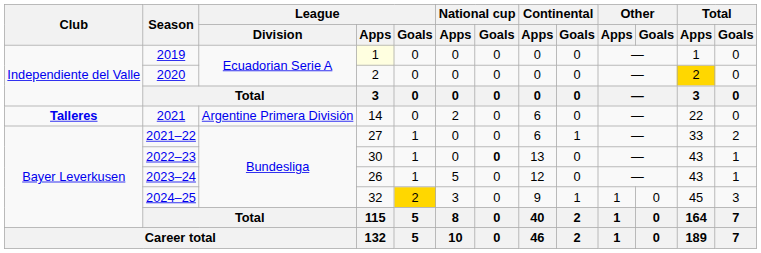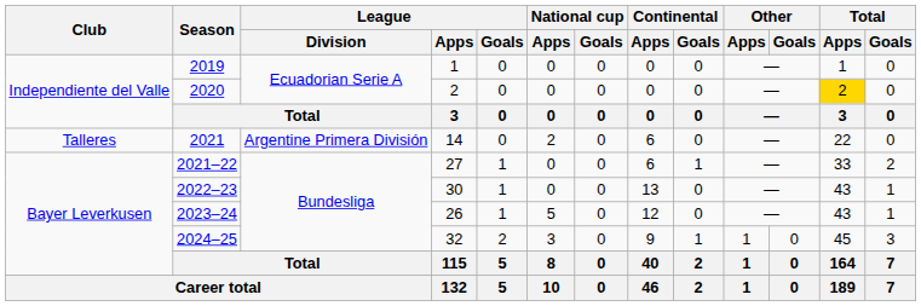 <table class="wikitable" style="text-align:center">
 <tr>
 <th rowspan="2">Club</th>
 <th rowspan="2">Season</th>
 <th colspan="3">League</th>
 <th colspan="2">National cup</th>
 <th colspan="2">Continental</th>
 <th colspan="2">Other</th>
 <th colspan="2">Total</th>
 </tr>
 <tr>
 <th>Division</th>
 <th>Apps</th>
 <th>Goals</th>
 <th>Apps</th>
 <th>Goals</th>
 <th>Apps</th>
 <th>Goals</th>
 <th>Apps</th>
 <th>Goals</th>
 <th>Apps</th>
 <th>Goals</th>
 </tr>
 <tr>
 <td rowspan="3"><a href='#'>Independiente del Valle</a></td>
 <td><a href='#'>2019</a></td>
 <td rowspan="2"><a href='#'>Ecuadorian Serie A</a></td>
-<td style="background: lightyellow;">1</td>
+<td>1</td>
 <td>0</td>
 <td>0</td>
 <td>0</td>
 <td>0</td>
 <td>0</td>
 <td colspan="2">—</td>
 <td>1</td>
 <td>0</td>
 </tr>
 <tr>
 <td><a href='#'>2020</a></td>
 <td>2</td>
 <td>0</td>
 <td>0</td>
 <td>0</td>
 <td>0</td>
 <td>0</td>
 <td colspan="2">—</td>
 <td style="background: gold;">2</td>
 <td>0</td>
 </tr>
 <tr>
 <th colspan="2">Total</th>
 <th>3</th>
 <th>0</th>
 <th>0</th>
 <th>0</th>
 <th>0</th>
 <th>0</th>
 <th colspan="2">—</th>
 <th>3</th>
 <th>0</th>
 </tr>
 <tr>
-<td><strong><a href='#'>Talleres</a></strong></td>
+<td><a href='#'>Talleres</a></td>
 <td><a href='#'>2021</a></td>
 <td><a href='#'>Argentine Primera División</a></td>
 <td>14</td>
 <td>0</td>
 <td>2</td>
 <td>0</td>
 <td>6</td>
 <td>0</td>
 <td colspan="2">—</td>
 <td>22</td>
 <td>0</td>
 </tr>
 <tr>
 <td rowspan="5"><a href='#'>Bayer Leverkusen</a></td>
 <td><a href='#'>2021–22</a></td>
 <td rowspan="4"><a href='#'>Bundesliga</a></td>
 <td>27</td>
 <td>1</td>
 <td>0</td>
 <td>0</td>
 <td>6</td>
 <td>1</td>
 <td colspan="2">—</td>
 <td>33</td>
 <td>2</td>
 </tr>
 <tr>
 <td><a href='#'>2022–23</a></td>
 <td>30</td>
 <td>1</td>
 <td>0</td>
-<td><strong>0</strong></td>
+<td>0</td>
 <td>13</td>
 <td>0</td>
 <td colspan="2">—</td>
 <td>43</td>
 <td>1</td>
 </tr>
 <tr>
 <td><a href='#'>2023–24</a></td>
 <td>26</td>
 <td>1</td>
 <td>5</td>
 <td>0</td>
 <td>12</td>
 <td>0</td>
 <td colspan="2">—</td>
 <td>43</td>
 <td>1</td>
 </tr>
 <tr>
 <td><a href='#'>2024–25</a></td>
 <td>32</td>
-<td style="background: gold;">2</td>
+<td>2</td>
 <td>3</td>
 <td>0</td>
 <td>9</td>
 <td>1</td>
 <td>1</td>
 <td>0</td>
 <td>45</td>
 <td>3</td>
 </tr>
 <tr>
 <th colspan="2">Total</th>
 <th>115</th>
 <th>5</th>
 <th>8</th>
 <th>0</th>
 <th>40</th>
 <th>2</th>
 <th>1</th>
 <th>0</th>
 <th>164</th>
 <th>7</th>
 </tr>
 <tr>
 <th colspan="3">Career total</th>
 <th>132</th>
 <th>5</th>
 <th>10</th>
 <th>0</th>
 <th>46</th>
 <th>2</th>
 <th>1</th>
 <th>0</th>
 <th>189</th>
 <th>7</th>
 </tr>
 </table>
